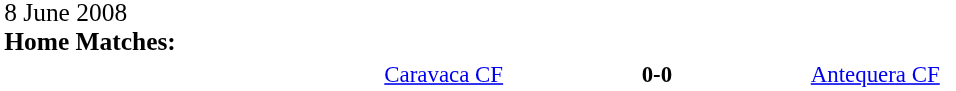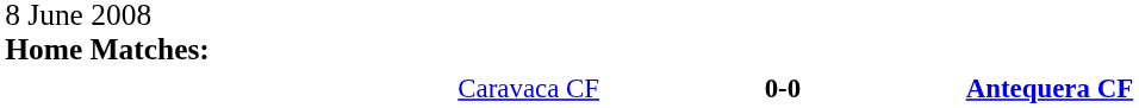 <table width=100% cellspacing=1>
 <tr>
 <th width=20%></th>
 <th width=12%></th>
 <th width=20%></th>
 <th></th>
 </tr>
 <tr>
 <td>8 June 2008<br><strong>Home Matches:</strong></td>
 </tr>
 <tr style=font-size:90%>
 <td align=right><a href='#'>Caravaca CF</a></td>
 <td align=center><strong>0-0</strong></td>
-<td><a href='#'>Antequera CF</a></td>
+<td><strong><a href='#'>Antequera CF</a></strong></td>
 </tr>
 </table>
